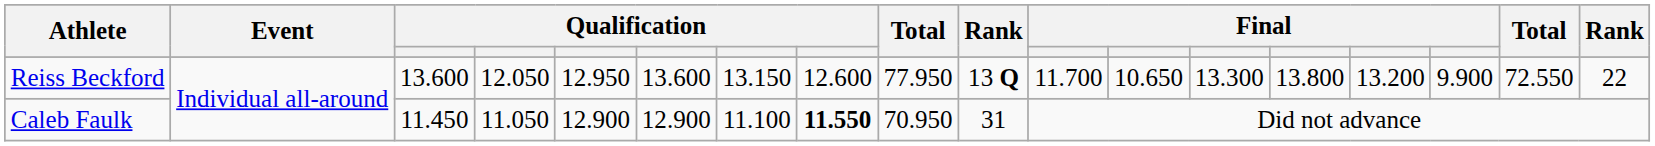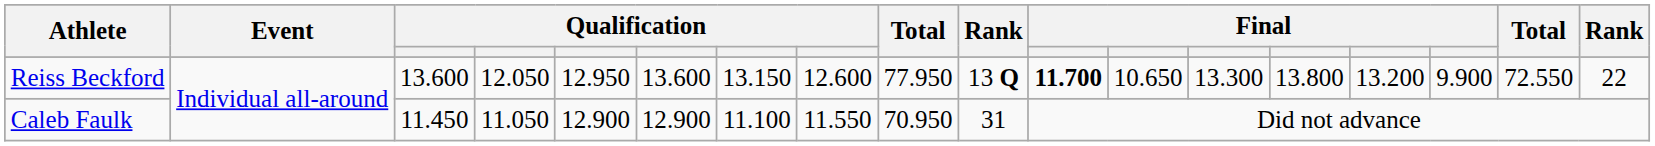 <table class="wikitable" style="font-size:90%">
 <tr>
 <th rowspan=2>Athlete</th>
 <th rowspan=2>Event</th>
 <th colspan=6>Qualification</th>
 <th rowspan=2>Total</th>
 <th rowspan=2>Rank</th>
 <th colspan=6>Final</th>
 <th rowspan=2>Total</th>
 <th rowspan=2>Rank</th>
 </tr>
 <tr style="font-size:95%">
 <th></th>
 <th></th>
 <th></th>
 <th></th>
 <th></th>
 <th></th>
 <th></th>
 <th></th>
 <th></th>
 <th></th>
 <th></th>
 <th></th>
 </tr>
 <tr align=center>
 <td align=left><a href='#'>Reiss Beckford</a></td>
 <td align=left rowspan=2><a href='#'>Individual all-around</a></td>
 <td>13.600</td>
 <td>12.050</td>
 <td>12.950</td>
 <td>13.600</td>
 <td>13.150</td>
 <td>12.600</td>
 <td>77.950</td>
 <td>13 <strong>Q</strong></td>
-<td>11.700</td>
+<td><strong>11.700</strong></td>
 <td>10.650</td>
 <td>13.300</td>
 <td>13.800</td>
 <td>13.200</td>
 <td>9.900</td>
 <td>72.550</td>
 <td>22</td>
 </tr>
 <tr align=center>
 <td align=left><a href='#'>Caleb Faulk</a></td>
 <td>11.450</td>
 <td>11.050</td>
 <td>12.900</td>
 <td>12.900</td>
 <td>11.100</td>
-<td><strong>11.550</strong></td>
+<td>11.550</td>
 <td>70.950</td>
 <td>31</td>
 <td colspan=8>Did not advance</td>
 </tr>
 </table>
